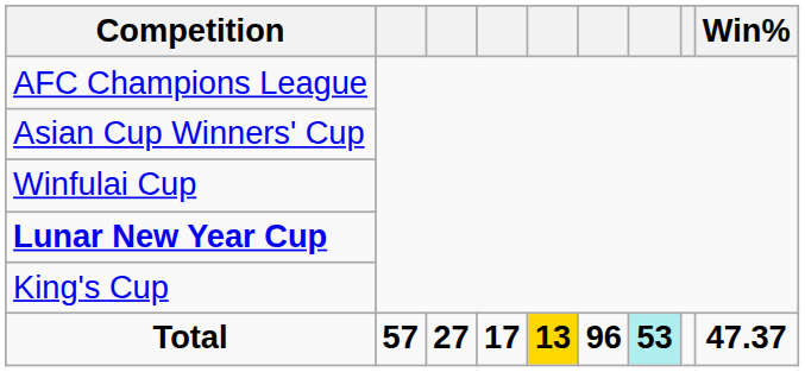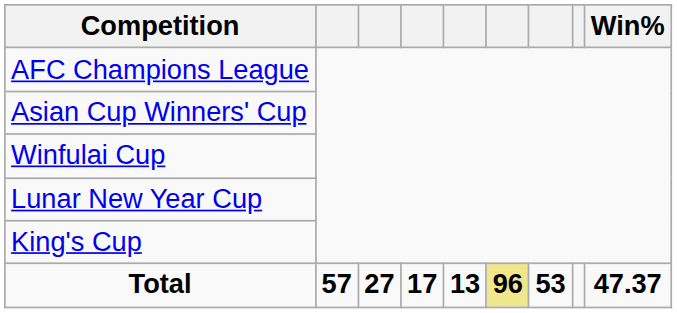 <table class="sortable wikitable" style="text-align:center;">
 <tr>
 <th>Competition</th>
 <th></th>
 <th></th>
 <th></th>
 <th></th>
 <th></th>
 <th></th>
 <th></th>
 <th>Win%</th>
 </tr>
 <tr>
 <td align=left><a href='#'>AFC Champions League</a><br></td>
 </tr>
 <tr>
 <td align=left><a href='#'>Asian Cup Winners' Cup</a><br></td>
 </tr>
 <tr>
 <td align=left><a href='#'>Winfulai Cup</a><br></td>
 </tr>
 <tr>
-<td align=left><strong><a href='#'>Lunar New Year Cup</a><br></strong></td>
+<td align=left><a href='#'>Lunar New Year Cup</a><br></td>
 </tr>
 <tr>
 <td align=left><a href='#'>King's Cup</a><br></td>
 </tr>
 <tr class="sortbottom">
 <td><strong>Total</strong></td>
 <td><strong>57</strong></td>
 <td><strong>27</strong></td>
 <td><strong>17</strong></td>
-<td style="background: gold;"><strong>13</strong></td>
-<td><strong>96</strong></td>
-<td style="background: paleturquoise;"><strong>53</strong></td>
+<td><strong>13</strong></td>
+<td style="background: khaki;"><strong>96</strong></td>
+<td><strong>53</strong></td>
 <td></td>
 <td><strong>47.37</strong></td>
 </tr>
 </table>
